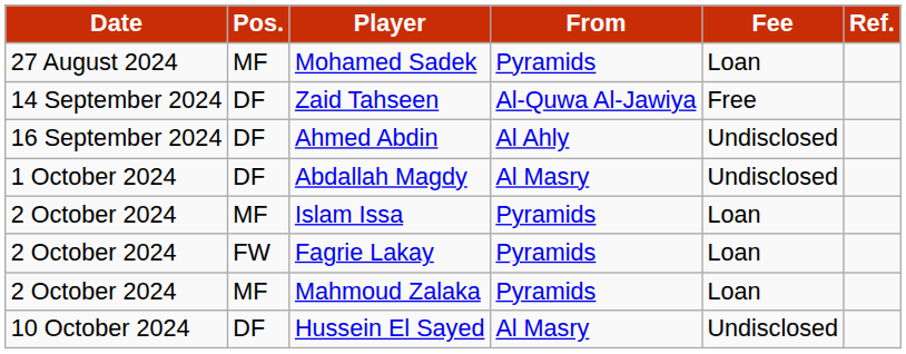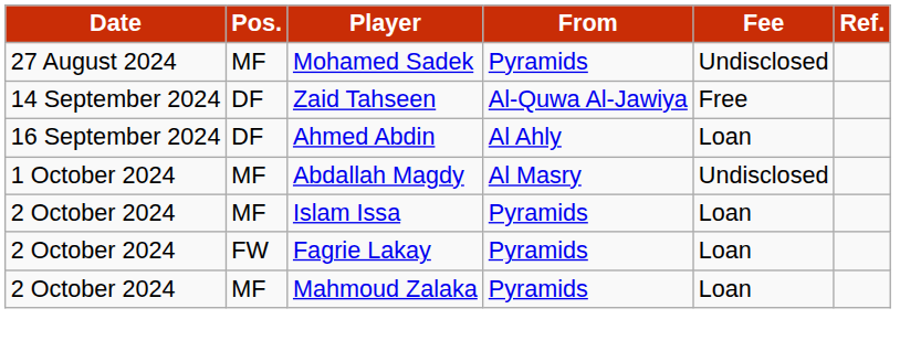 <table class="wikitable plainrowheaders sortable">
 <tr>
 <th style="background:#c92d06; color:#ffffff; ">Date</th>
 <th style="background:#c92d06; color:#ffffff; ">Pos.</th>
 <th style="background:#c92d06; color:#ffffff; ">Player</th>
 <th style="background:#c92d06; color:#ffffff; ">From</th>
 <th style="background:#c92d06; color:#ffffff; ">Fee</th>
 <th style="background:#c92d06; color:#ffffff; ">Ref.</th>
 </tr>
 <tr>
 <td>27 August 2024</td>
 <td>MF</td>
 <td> <a href='#'>Mohamed Sadek</a></td>
 <td> <a href='#'>Pyramids</a></td>
-<td>Loan</td>
+<td>Undisclosed</td>
 <td></td>
 </tr>
 <tr>
 <td>14 September 2024</td>
 <td>DF</td>
 <td> <a href='#'>Zaid Tahseen</a></td>
 <td> <a href='#'>Al-Quwa Al-Jawiya</a></td>
 <td>Free</td>
 <td></td>
 </tr>
 <tr>
 <td>16 September 2024</td>
 <td>DF</td>
 <td> <a href='#'>Ahmed Abdin</a></td>
 <td> <a href='#'>Al Ahly</a></td>
-<td>Undisclosed</td>
+<td>Loan</td>
 <td></td>
 </tr>
 <tr>
 <td>1 October 2024</td>
-<td>DF</td>
+<td>MF</td>
 <td> <a href='#'>Abdallah Magdy</a></td>
 <td> <a href='#'>Al Masry</a></td>
 <td>Undisclosed</td>
 <td></td>
 </tr>
 <tr>
 <td>2 October 2024</td>
 <td>MF</td>
 <td> <a href='#'>Islam Issa</a></td>
 <td> <a href='#'>Pyramids</a></td>
 <td>Loan</td>
 <td></td>
 </tr>
 <tr>
 <td>2 October 2024</td>
 <td>FW</td>
 <td> <a href='#'>Fagrie Lakay</a></td>
 <td> <a href='#'>Pyramids</a></td>
 <td>Loan</td>
 <td></td>
 </tr>
 <tr>
 <td>2 October 2024</td>
 <td>MF</td>
 <td> <a href='#'>Mahmoud Zalaka</a></td>
 <td> <a href='#'>Pyramids</a></td>
 <td>Loan</td>
 <td></td>
 </tr>
-<tr>
-<td>10 October 2024</td>
-<td>DF</td>
-<td> <a href='#'>Hussein El Sayed</a></td>
-<td> <a href='#'>Al Masry</a></td>
-<td>Undisclosed</td>
-<td></td>
-</tr>
 </table>
